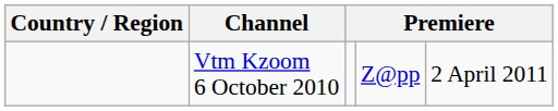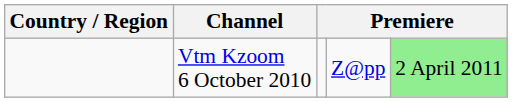 <table class="wikitable">
 <tr>
 <th>Country / Region</th>
 <th>Channel</th>
 <th colspan=3>Premiere</th>
 </tr>
 <tr>
 <td></td>
 <td><a href='#'>Vtm Kzoom</a><br>6 October 2010</td>
 <td></td>
 <td><a href='#'>Z@pp</a></td>
-<td>2 April 2011</td>
+<td style="background: lightgreen;">2 April 2011</td>
 </tr>
 </table>
